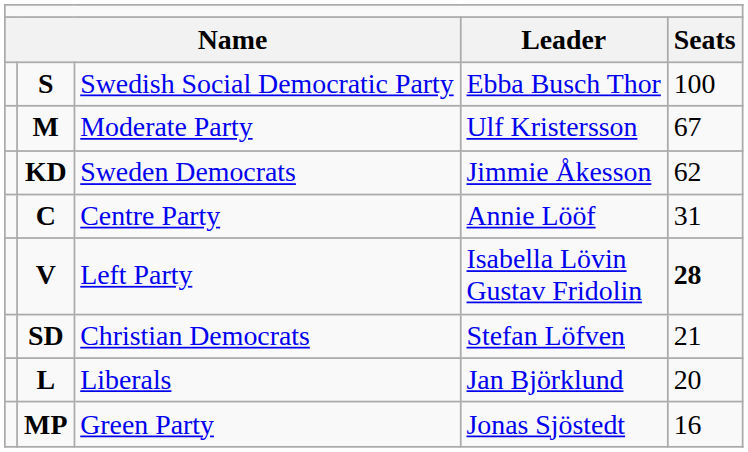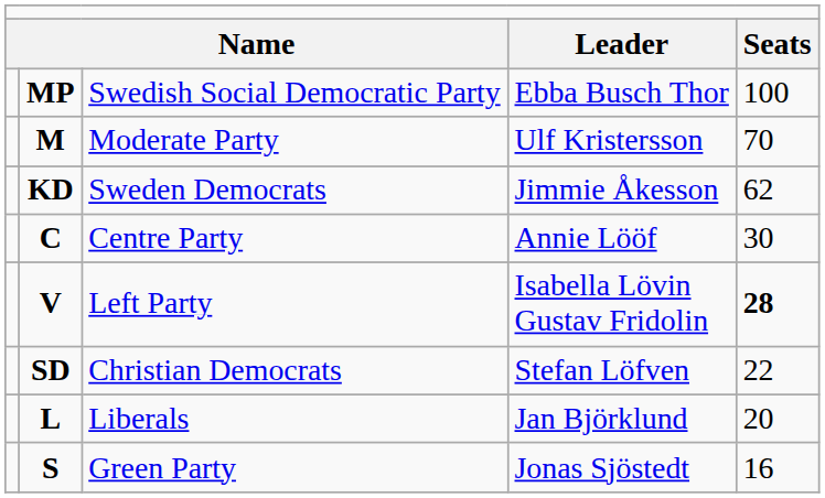 <table class="wikitable">
 <tr>
 <td colspan=5></td>
 </tr>
 <tr>
 <th colspan=3>Name</th>
 <th>Leader</th>
 <th>Seats</th>
 </tr>
 <tr>
 <td style="background:"></td>
-<td style="text-align:center;"><strong>S</strong></td>
+<td style="text-align:center;"><strong>MP</strong></td>
 <td><a href='#'>Swedish Social Democratic Party</a><br></td>
 <td><a href='#'>Ebba Busch Thor</a></td>
 <td>100</td>
 </tr>
 <tr>
 <td style="background:"></td>
 <td style="text-align:center;"><strong>M</strong></td>
 <td><a href='#'>Moderate Party</a><br></td>
 <td><a href='#'>Ulf Kristersson</a></td>
-<td>67</td>
+<td>70</td>
 </tr>
 <tr>
 <td style="background:"></td>
 <td style="text-align:center;"><strong>KD</strong></td>
 <td><a href='#'>Sweden Democrats</a><br></td>
 <td><a href='#'>Jimmie Åkesson</a></td>
 <td>62</td>
 </tr>
 <tr>
 <td style="background:"></td>
 <td style="text-align:center;"><strong>C</strong></td>
 <td><a href='#'>Centre Party</a><br></td>
 <td><a href='#'>Annie Lööf</a></td>
-<td>31</td>
+<td>30</td>
 </tr>
 <tr>
 <td style="background:"></td>
 <td style="text-align:center;"><strong>V</strong></td>
 <td><a href='#'>Left Party</a><br></td>
 <td><a href='#'>Isabella Lövin</a><br><a href='#'>Gustav Fridolin</a></td>
 <td><strong>28</strong></td>
 </tr>
 <tr>
 <td style="background:"></td>
 <td style="text-align:center;"><strong>SD</strong></td>
 <td><a href='#'>Christian Democrats</a><br></td>
 <td><a href='#'>Stefan Löfven</a></td>
-<td>21</td>
+<td>22</td>
 </tr>
 <tr>
 <td style="background:"></td>
 <td style="text-align:center;"><strong>L</strong></td>
 <td><a href='#'>Liberals</a><br></td>
 <td><a href='#'>Jan Björklund</a></td>
 <td>20</td>
 </tr>
 <tr>
 <td style="background:"></td>
-<td style="text-align:center;"><strong>MP</strong></td>
+<td style="text-align:center;"><strong>S</strong></td>
 <td><a href='#'>Green Party</a><br></td>
 <td><a href='#'>Jonas Sjöstedt</a></td>
 <td>16</td>
 </tr>
 </table>
